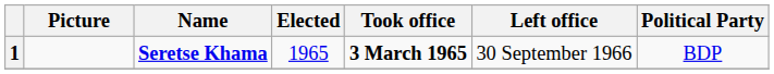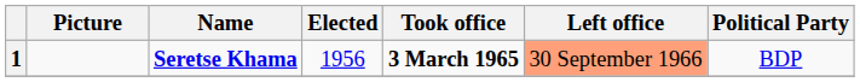 <table class="wikitable" style="text-align:center">
 <tr>
 <th></th>
 <th style="width:80px;">Picture</th>
 <th>Name<br></th>
 <th>Elected</th>
 <th>Took office</th>
 <th>Left office</th>
 <th>Political Party</th>
 </tr>
 <tr>
 <th style="background:">1</th>
 <td></td>
 <td><strong><a href='#'>Seretse Khama</a></strong><br></td>
-<td><a href='#'>1965</a></td>
+<td><a href='#'>1956</a></td>
 <td><strong>3 March 1965</strong></td>
-<td>30 September 1966</td>
+<td style="background: lightsalmon;">30 September 1966</td>
 <td><a href='#'>BDP</a></td>
 </tr>
 <tr>
 </tr>
 </table>
